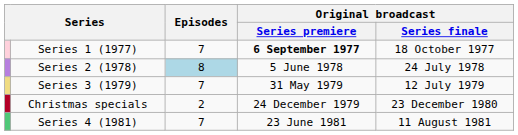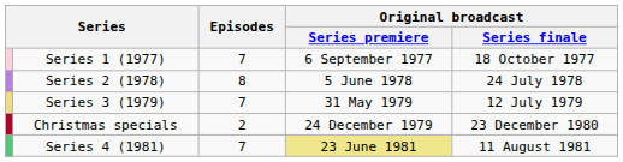 <table class="wikitable" width="600px" style="text-align:center">
 <tr>
 <th colspan="2" rowspan="2">Series</th>
 <th rowspan="2">Episodes</th>
 <th colspan="2">Original broadcast</th>
 </tr>
 <tr>
 <th><a href='#'>Series premiere</a></th>
 <th><a href='#'>Series finale</a></th>
 </tr>
 <tr>
 <td bgcolor="#FFD1DC" width="1px"></td>
 <td>Series 1 (1977)</td>
 <td>7</td>
-<td><strong>6 September 1977</strong></td>
+<td>6 September 1977</td>
 <td>18 October 1977</td>
 </tr>
 <tr>
 <td bgcolor="B77FDF"></td>
 <td>Series 2 (1978)</td>
-<td style="background: lightblue;">8</td>
+<td>8</td>
 <td>5 June 1978</td>
 <td>24 July 1978</td>
 </tr>
 <tr>
 <td bgcolor="#F0DC82"></td>
 <td>Series 3 (1979)</td>
 <td>7</td>
 <td>31 May 1979</td>
 <td>12 July 1979</td>
 </tr>
 <tr>
 <td bgcolor="b30027"></td>
 <td>Christmas specials</td>
 <td>2</td>
 <td>24 December 1979</td>
 <td>23 December 1980</td>
 </tr>
 <tr>
 <td bgcolor="50C878"></td>
 <td>Series 4 (1981)</td>
 <td>7</td>
-<td>23 June 1981</td>
+<td style="background: khaki;">23 June 1981</td>
 <td>11 August 1981</td>
 </tr>
 </table>
